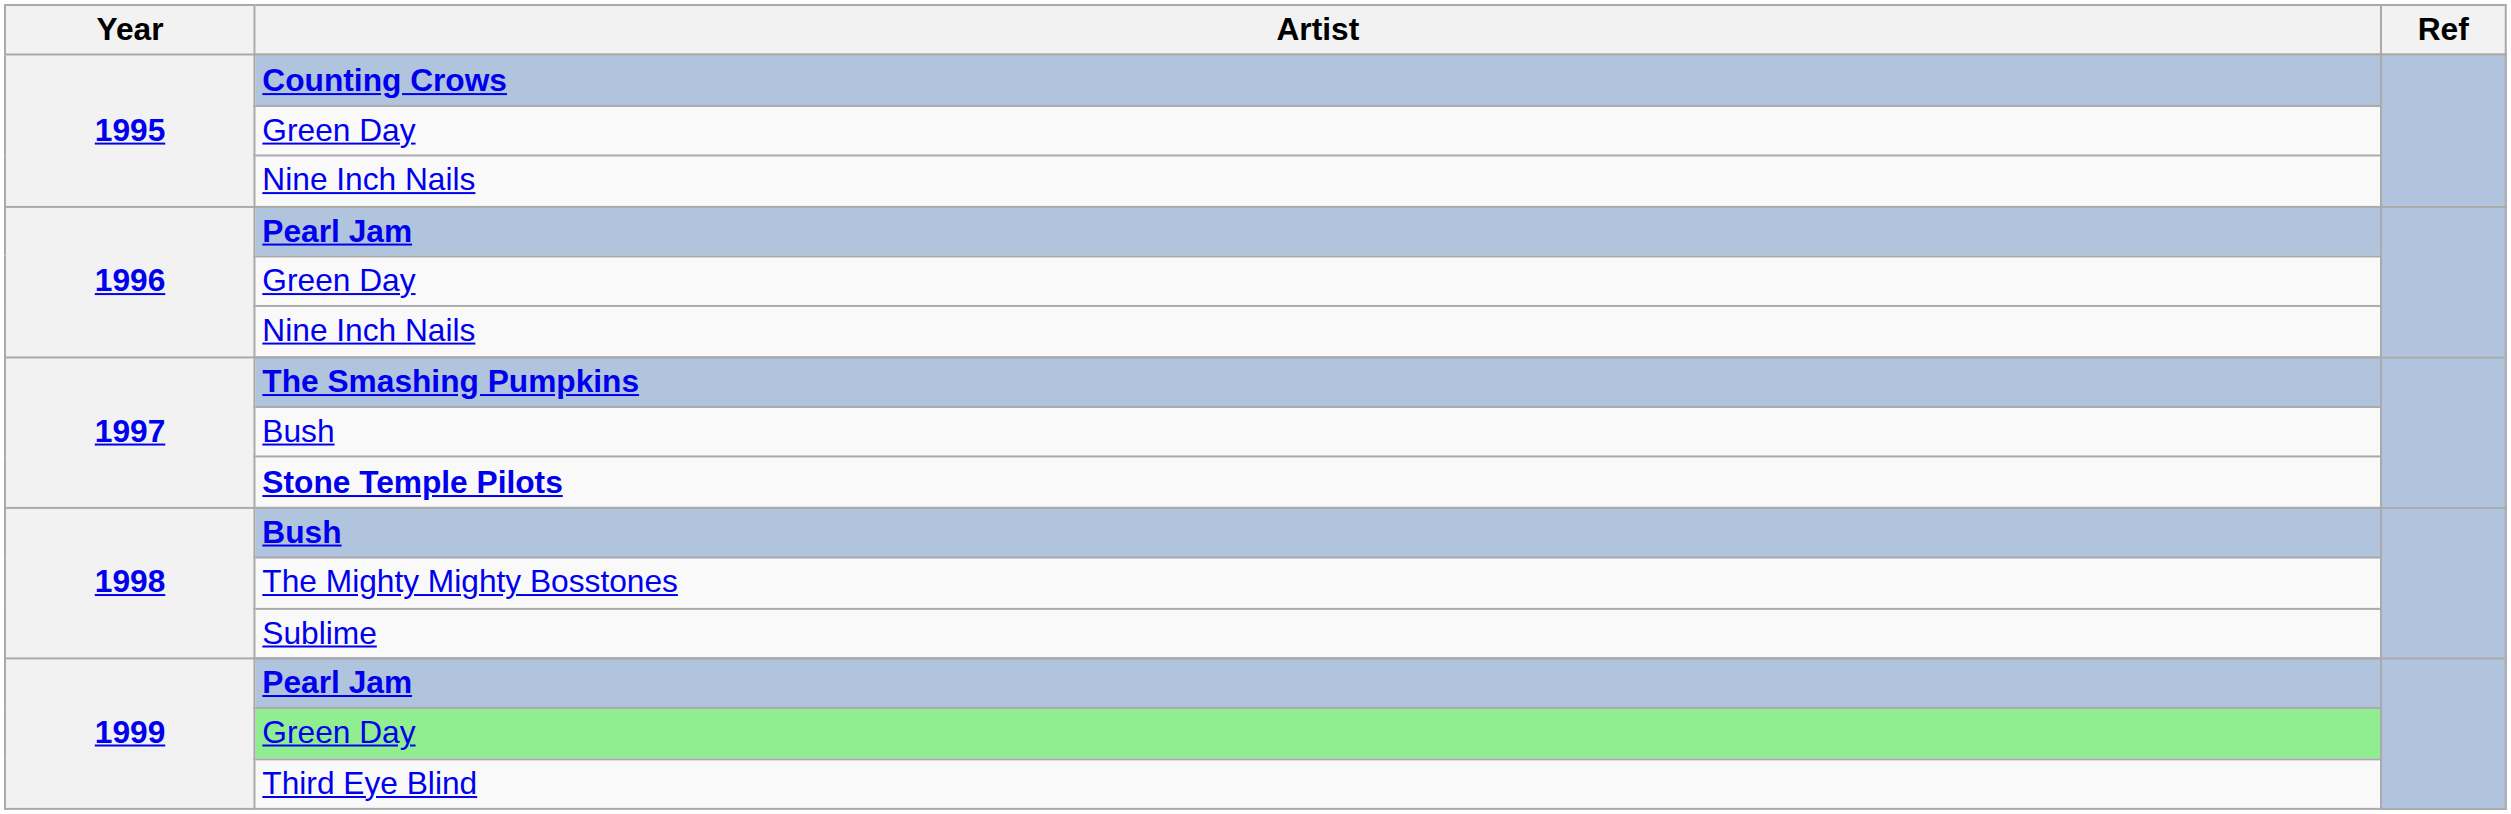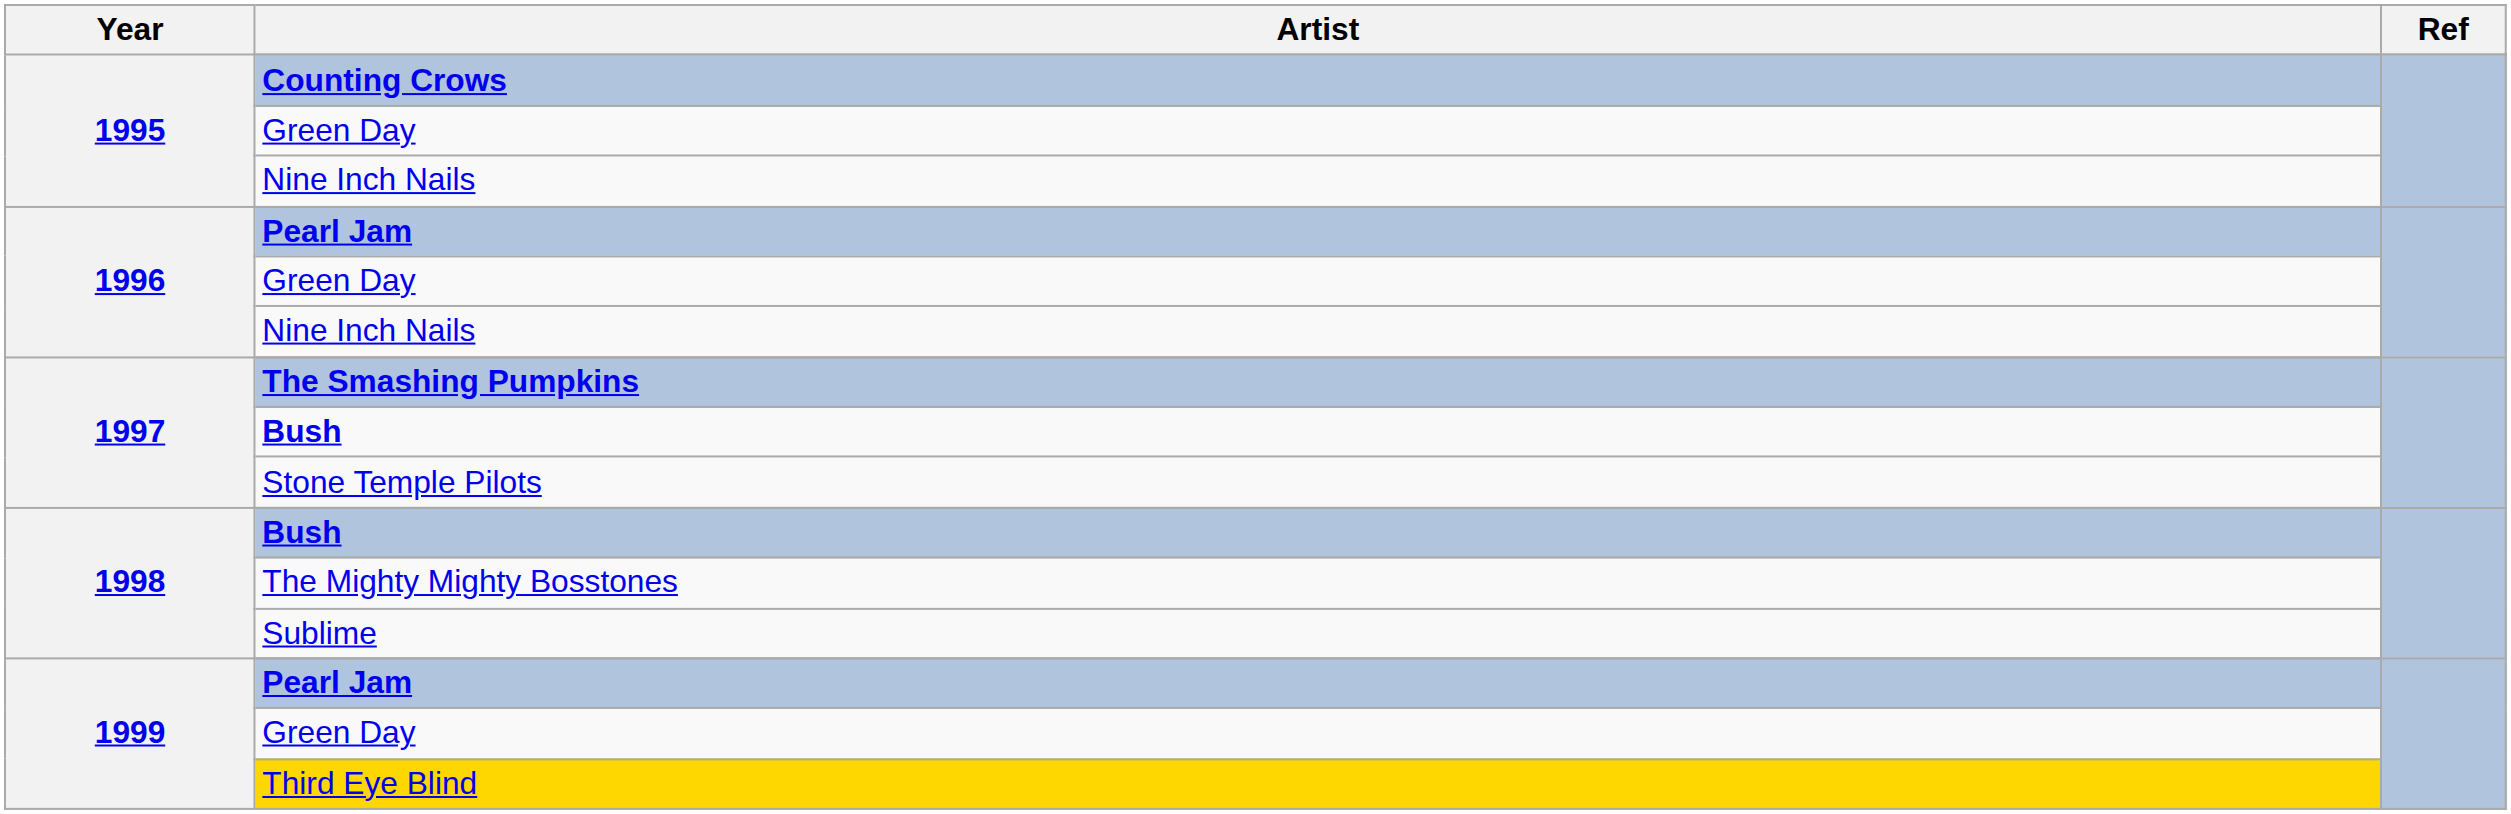 <table class="wikitable" width="100%">
 <tr>
 <th width="10%">Year</th>
 <th width="85%">Artist</th>
 <th width="5%">Ref</th>
 </tr>
 <tr>
 <th rowspan="4" align="center"><a href='#'>1995<br></a></th>
 </tr>
 <tr style="background:#B0C4DE">
 <td><strong><a href='#'>Counting Crows</a></strong></td>
 <td rowspan="4" align="center"></td>
 </tr>
 <tr>
 <td><a href='#'>Green Day</a></td>
 </tr>
 <tr>
 <td><a href='#'>Nine Inch Nails</a></td>
 </tr>
 <tr>
 <th rowspan="4" align="center"><a href='#'>1996<br></a></th>
 </tr>
 <tr style="background:#B0C4DE">
 <td><strong><a href='#'>Pearl Jam</a></strong></td>
 <td rowspan="4" align="center"></td>
 </tr>
 <tr>
 <td><a href='#'>Green Day</a></td>
 </tr>
 <tr>
 <td><a href='#'>Nine Inch Nails</a></td>
 </tr>
 <tr>
 <th rowspan="4" align="center"><a href='#'>1997<br></a></th>
 </tr>
 <tr style="background:#B0C4DE">
 <td><strong><a href='#'>The Smashing Pumpkins</a></strong></td>
 <td rowspan="4" align="center"></td>
 </tr>
 <tr>
-<td><a href='#'>Bush</a></td>
+<td><strong><a href='#'>Bush</a></strong></td>
 </tr>
 <tr>
-<td><strong><a href='#'>Stone Temple Pilots</a></strong></td>
+<td><a href='#'>Stone Temple Pilots</a></td>
 </tr>
 <tr>
 <th rowspan="4" align="center"><a href='#'>1998<br></a></th>
 </tr>
 <tr style="background:#B0C4DE">
 <td><strong><a href='#'>Bush</a></strong></td>
 <td rowspan="4" align="center"></td>
 </tr>
 <tr>
 <td><a href='#'>The Mighty Mighty Bosstones</a></td>
 </tr>
 <tr>
 <td><a href='#'>Sublime</a></td>
 </tr>
 <tr>
 <th rowspan="4" align="center"><a href='#'>1999<br></a></th>
 </tr>
 <tr style="background:#B0C4DE">
 <td><strong><a href='#'>Pearl Jam</a></strong></td>
 <td rowspan="4" align="center"></td>
 </tr>
 <tr>
-<td style="background: lightgreen;"><a href='#'>Green Day</a></td>
+<td><a href='#'>Green Day</a></td>
 </tr>
 <tr>
-<td><a href='#'>Third Eye Blind</a></td>
+<td style="background: gold;"><a href='#'>Third Eye Blind</a></td>
 </tr>
 </table>
